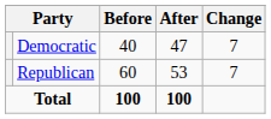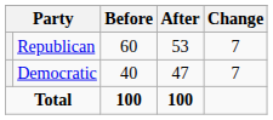 <table class="wikitable" style="text-align:center;">
 <tr>
 </tr>
 <tr>
 <th colspan=2>Party</th>
 <th>Before</th>
 <th>After</th>
 <th>Change</th>
 </tr>
 <tr>
 <th style="background-color:"></th>
-<td style="text-align:left;"><a href='#'>Democratic</a></td>
-<td>40</td>
-<td>47</td>
+<td style="text-align:left;"><a href='#'>Republican</a></td>
+<td>60</td>
+<td>53</td>
 <td> 7</td>
 </tr>
 <tr>
 <th style="background-color:"></th>
-<td style="text-align:left;"><a href='#'>Republican</a></td>
-<td>60</td>
-<td>53</td>
+<td style="text-align:left;"><a href='#'>Democratic</a></td>
+<td>40</td>
+<td>47</td>
 <td> 7</td>
 </tr>
 <tr>
 <td colspan=2><strong>Total</strong></td>
 <td><strong>100</strong></td>
 <td><strong>100</strong></td>
 <td></td>
 </tr>
 </table>
